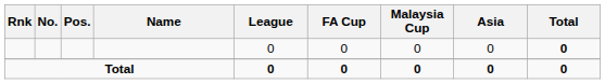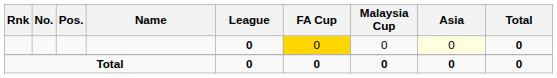 <table class="wikitable" style="text-align:center">
 <tr>
 <th>Rnk</th>
 <th>No.</th>
 <th>Pos.</th>
 <th width=170>Name</th>
 <th style="width:85px;">League</th>
 <th style="width:85px;">FA Cup</th>
 <th style="width:85px;">Malaysia Cup</th>
 <th style="width:85px;">Asia</th>
 <th style="width:85px;">Total</th>
 </tr>
 <tr>
 <td rowspan=1></td>
 <td></td>
 <td></td>
 <td align=left></td>
+<td><strong>0</strong></td>
+<td style="background: gold;">0</td>
 <td>0</td>
-<td>0</td>
-<td>0</td>
-<td>0</td>
+<td style="background: lightyellow;">0</td>
 <td><strong>0</strong></td>
 </tr>
 <tr>
 </tr>
 <tr class="sortbottom">
 <td colspan=4><strong>Total</strong></td>
 <td><strong>0</strong></td>
 <td><strong>0</strong></td>
 <td><strong>0</strong></td>
 <td><strong>0</strong></td>
 <td><strong>0</strong></td>
 </tr>
 </table>
